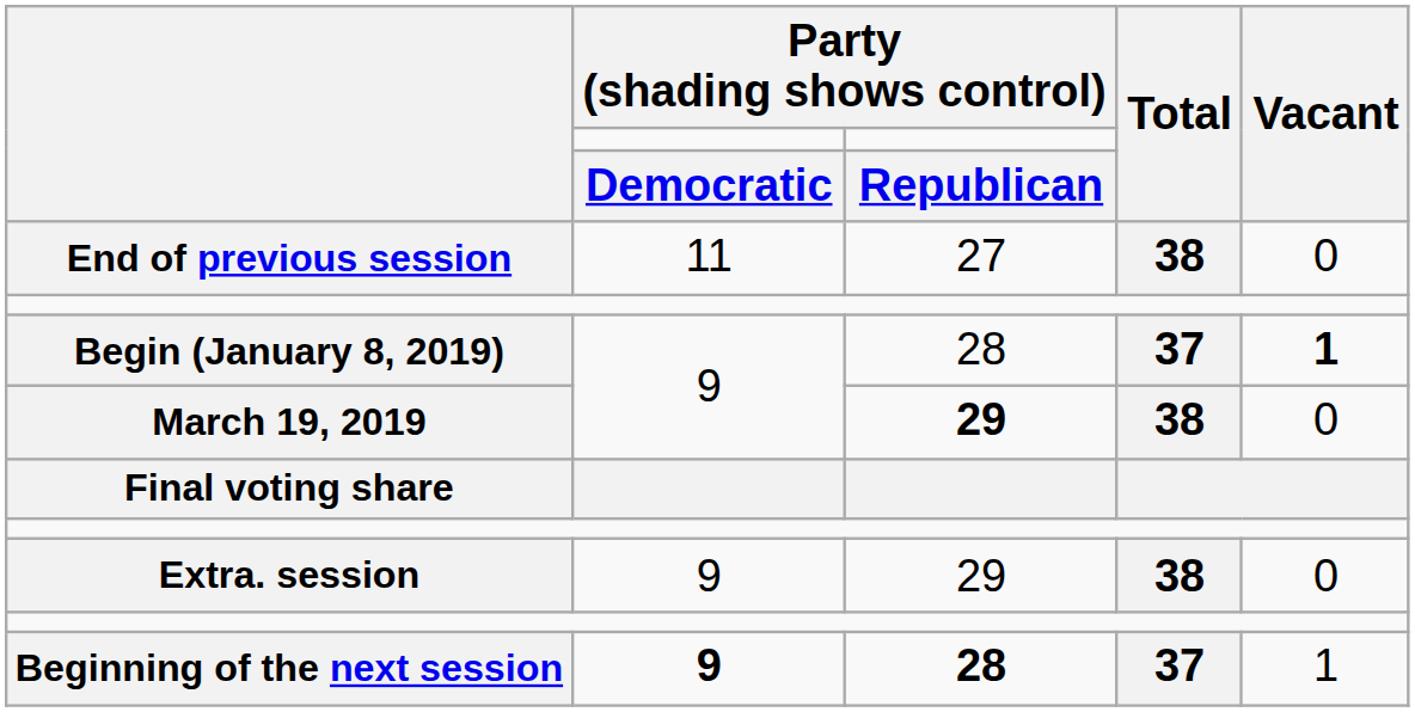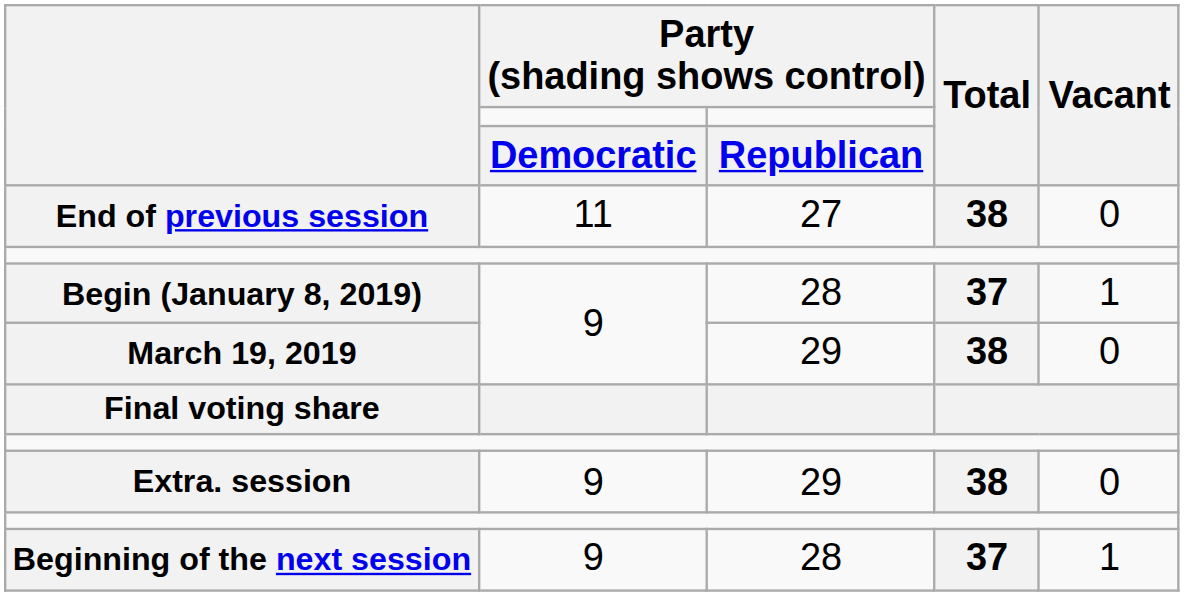 <table class="wikitable" style="text-align:center">
 <tr>
 <th rowspan="3" scope="col"> </th>
 <th colspan="2" scope="col">Party<div>(shading shows control)</div></th>
 <th rowspan="3" scope="col">Total</th>
 <th rowspan="3" scope="col">Vacant</th>
 </tr>
 <tr style="height:5px">
 <td style="background-color:"></td>
 <td style="background-color:"></td>
 </tr>
 <tr>
 <th scope="col"><a href='#'>Democratic</a></th>
 <th scope="col"><a href='#'>Republican</a></th>
 </tr>
 <tr>
 <th scope="row" style="font-size:85%">End of <a href='#'>previous session</a></th>
 <td>11</td>
 <td>27</td>
 <th>38</th>
 <td>0</td>
 </tr>
 <tr>
 <td colspan="5"></td>
 </tr>
 <tr>
 <th scope="row" style="font-size:85%">Begin (January 8, 2019)</th>
 <td rowspan="2">9</td>
 <td>28</td>
 <th>37</th>
-<td><strong>1</strong></td>
+<td>1</td>
 </tr>
 <tr>
 <th scope="row" style="font-size:85%">March 19, 2019</th>
-<td><strong>29</strong></td>
+<td>29</td>
 <th>38</th>
 <td>0</td>
 </tr>
 <tr>
 <th scope="row" style="font-size:85%">Final voting share</th>
 <th></th>
 <th></th>
 <th colspan="2"></th>
 </tr>
 <tr>
 <td colspan="5"></td>
 </tr>
 <tr>
 <th scope="row" style="font-size:85%">Extra. session</th>
 <td>9</td>
 <td>29</td>
 <th>38</th>
 <td>0</td>
 </tr>
 <tr>
 <td colspan="5"></td>
 </tr>
 <tr>
 <th scope="row" style="font-size:85%">Beginning of the <a href='#'>next session</a></th>
-<td><strong>9</strong></td>
-<td><strong>28</strong></td>
+<td>9</td>
+<td>28</td>
 <th>37</th>
 <td>1</td>
 </tr>
 </table>
